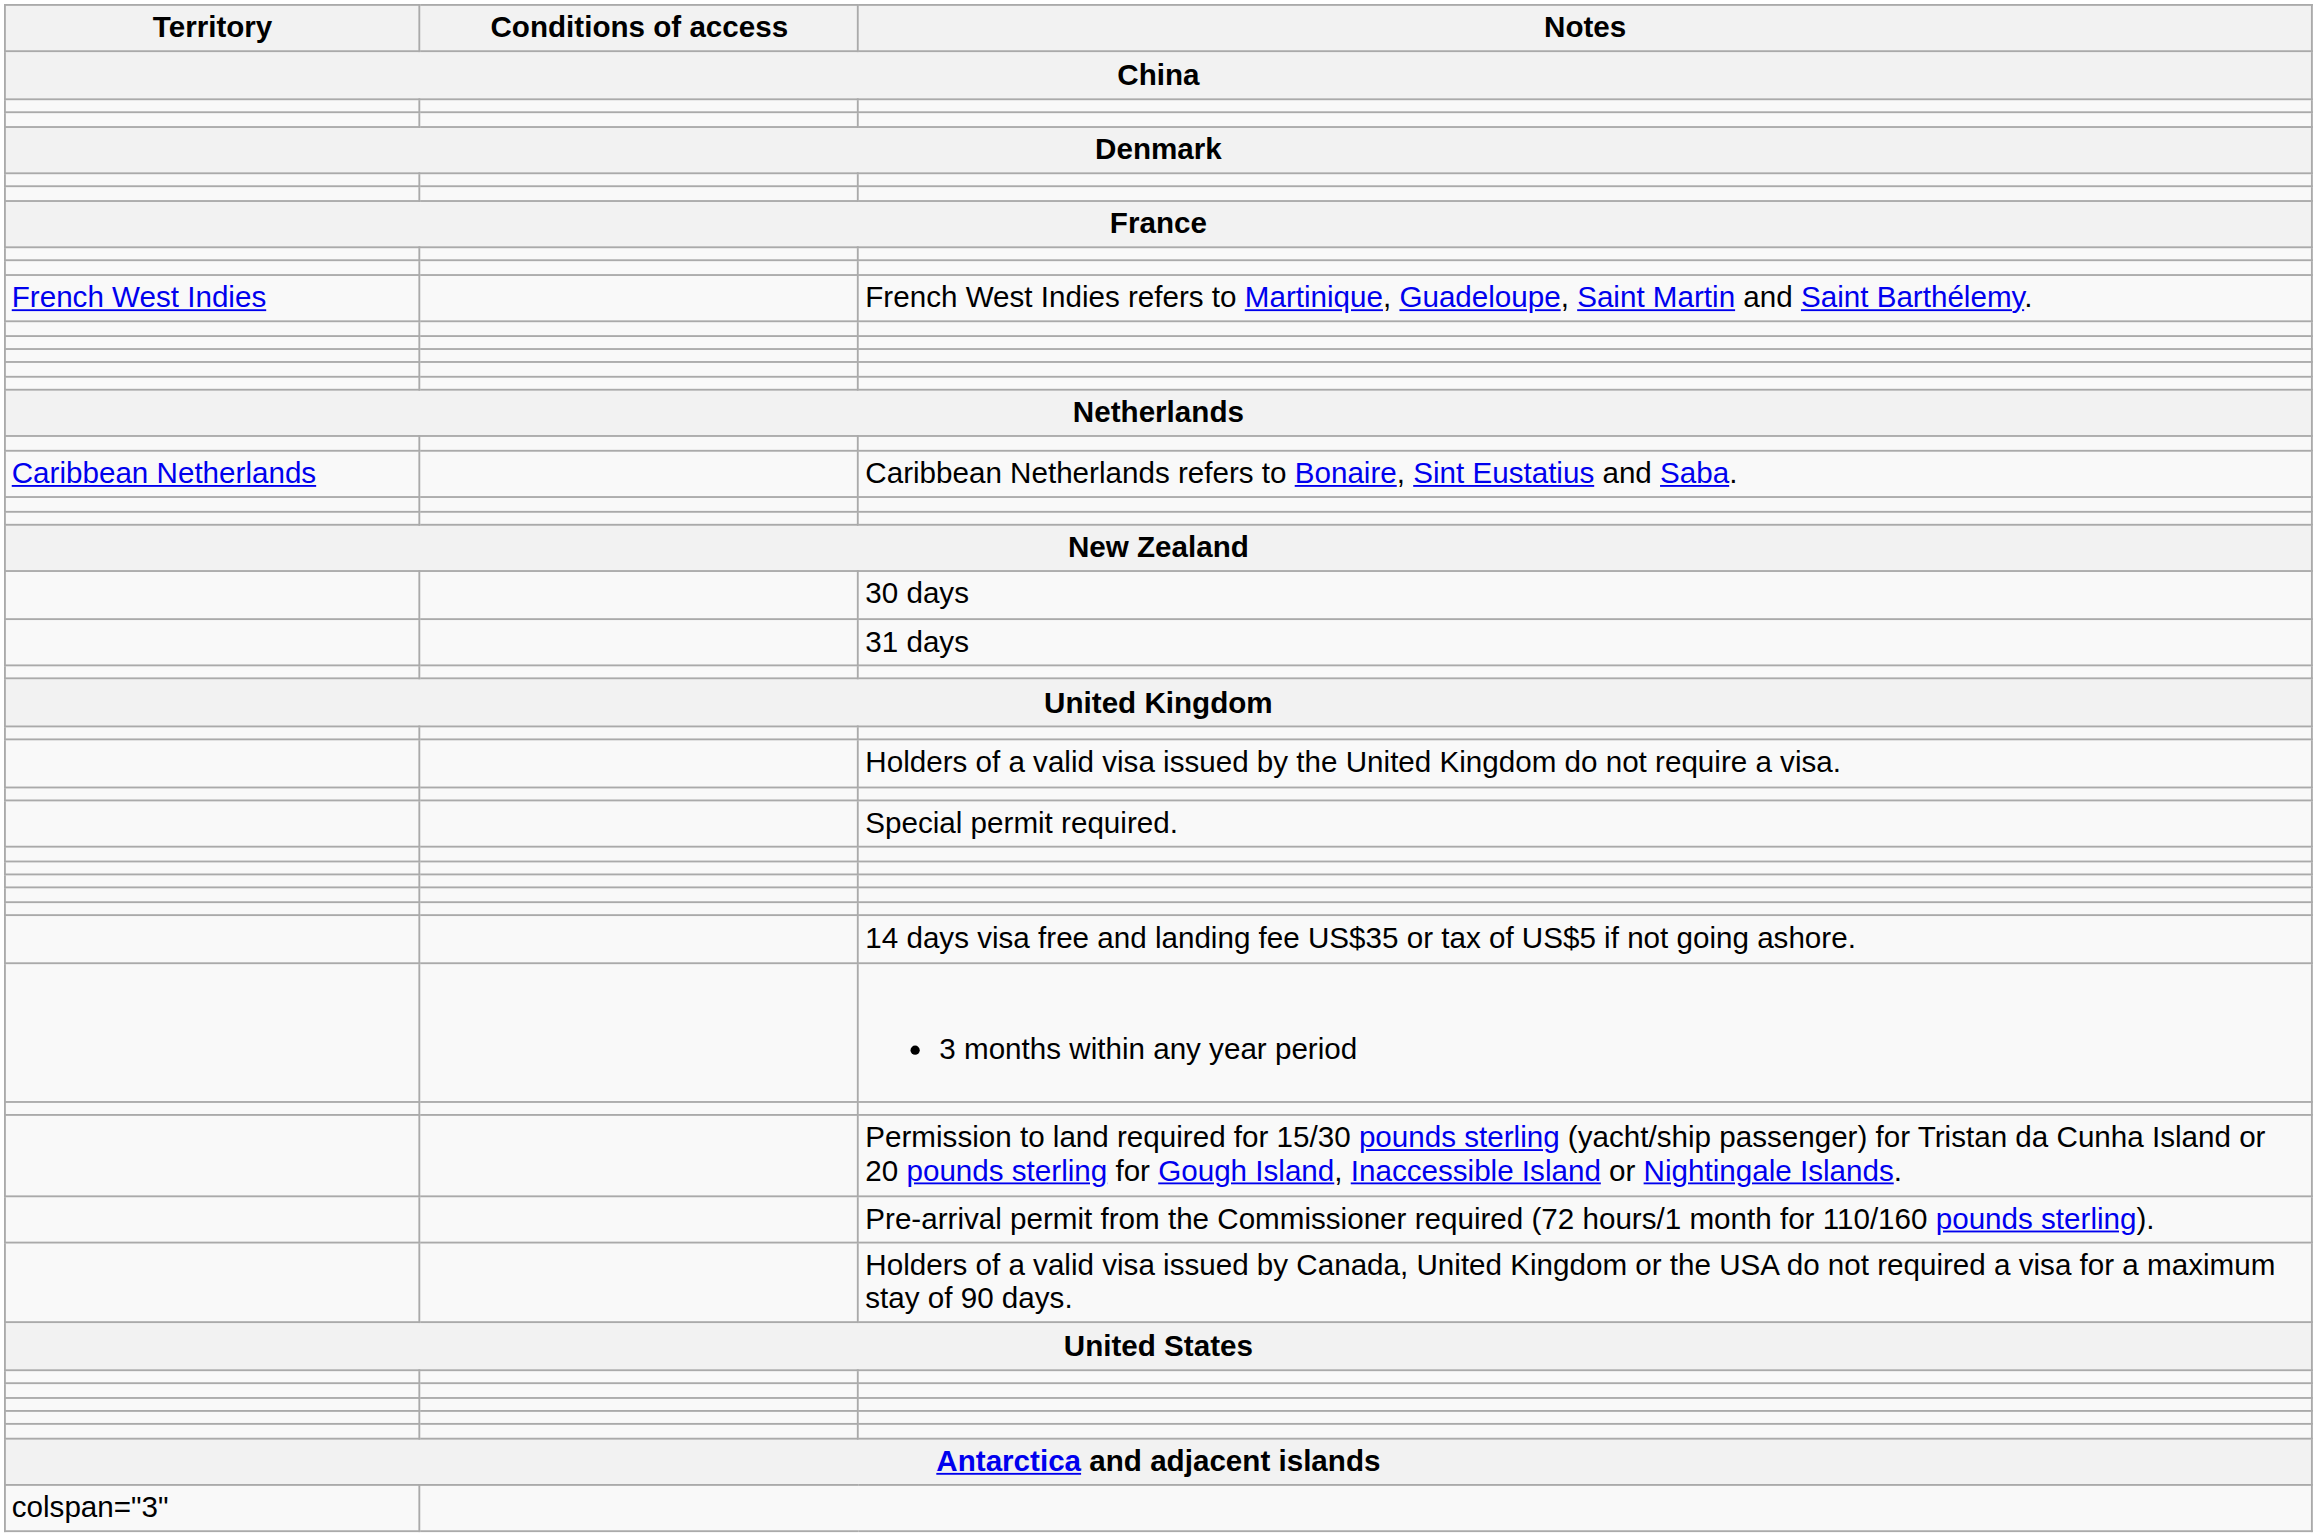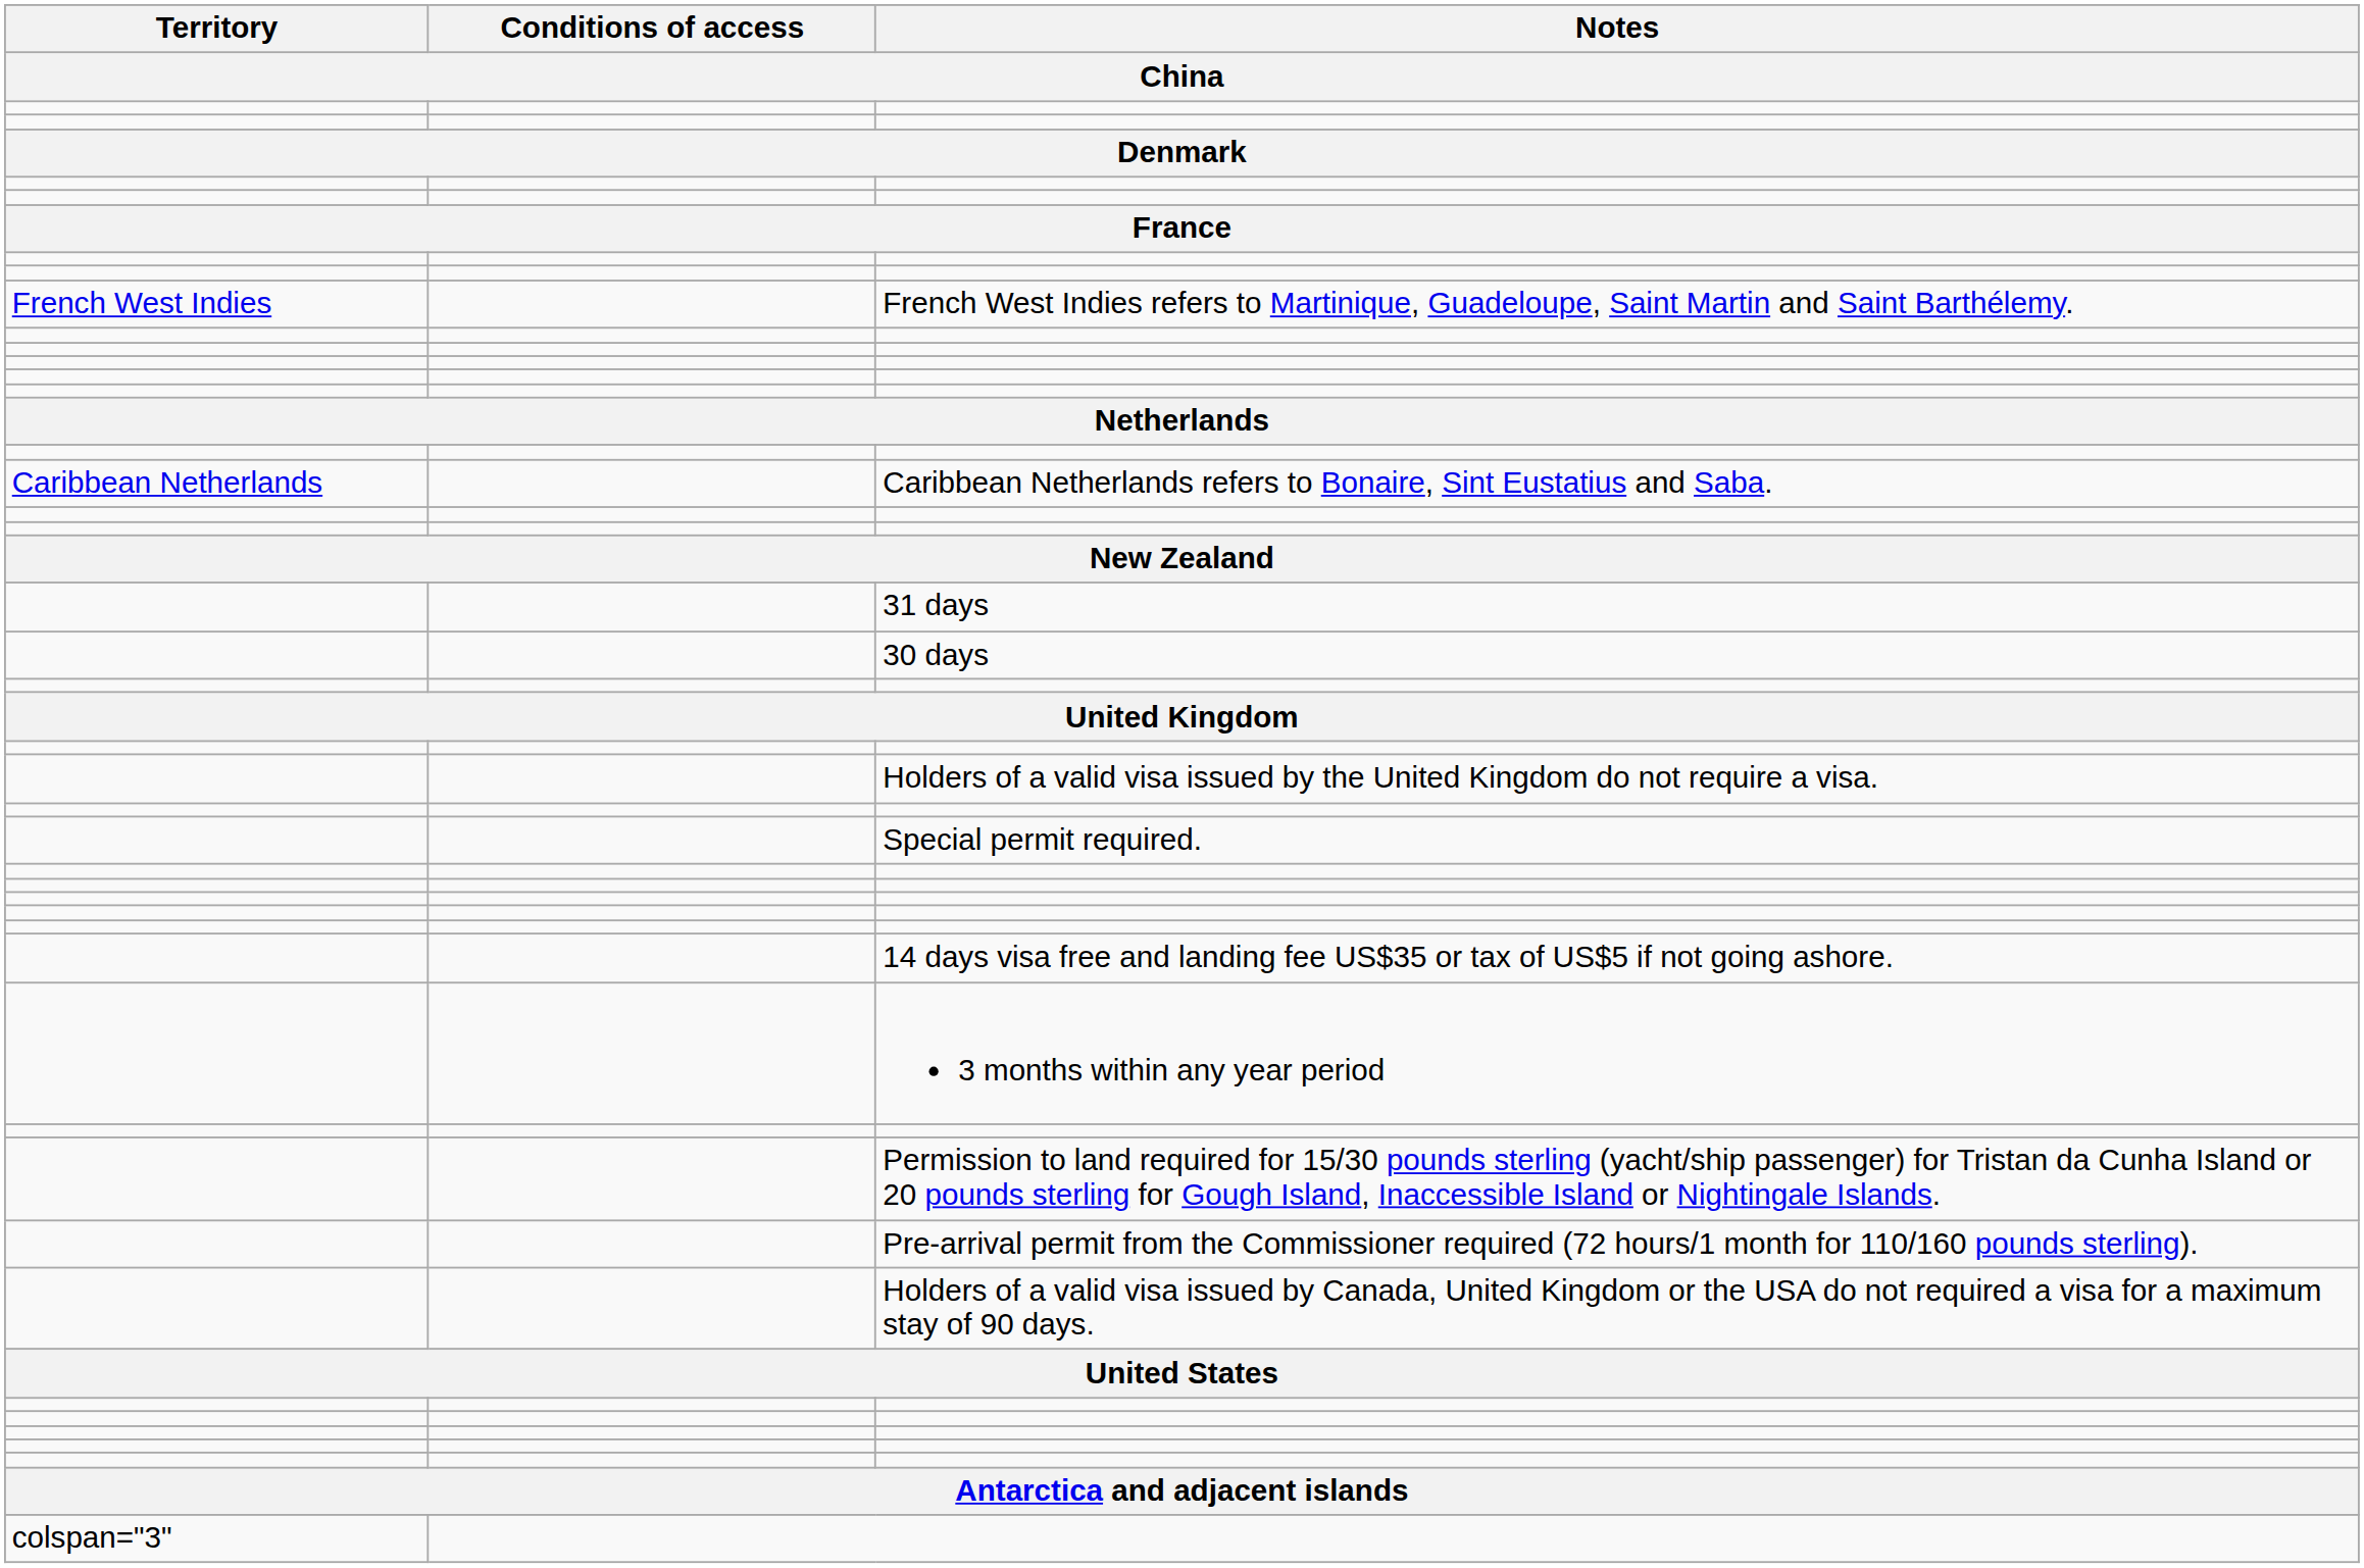 <table class="wikitable" style="text-align: left; table-layout: fixed;">
 <tr>
 <th style="width:18%;">Territory</th>
 <th style="width:19%;">Conditions of access</th>
 <th>Notes</th>
 </tr>
 <tr>
 <th colspan="3">China</th>
 </tr>
 <tr>
 <td></td>
 <td></td>
 <td></td>
 </tr>
 <tr>
 <td></td>
 <td></td>
 <td></td>
 </tr>
 <tr>
 <th colspan="3">Denmark</th>
 </tr>
 <tr>
 <td></td>
 <td></td>
 <td></td>
 </tr>
 <tr>
 <td></td>
 <td></td>
 <td></td>
 </tr>
 <tr>
 <th colspan="3">France</th>
 </tr>
 <tr>
 <td></td>
 <td></td>
 <td></td>
 </tr>
 <tr>
 <td></td>
 <td></td>
 <td></td>
 </tr>
 <tr>
 <td> <a href='#'>French West Indies</a></td>
 <td></td>
 <td>French West Indies refers to <a href='#'>Martinique</a>, <a href='#'>Guadeloupe</a>, <a href='#'>Saint Martin</a> and <a href='#'>Saint Barthélemy</a>.</td>
 </tr>
 <tr>
 <td></td>
 <td></td>
 <td></td>
 </tr>
 <tr>
 <td></td>
 <td></td>
 <td></td>
 </tr>
 <tr>
 <td></td>
 <td></td>
 <td></td>
 </tr>
 <tr>
 <td></td>
 <td></td>
 <td></td>
 </tr>
 <tr>
 <td></td>
 <td></td>
 <td></td>
 </tr>
 <tr>
 <th colspan="3">Netherlands</th>
 </tr>
 <tr>
 <td></td>
 <td></td>
 <td></td>
 </tr>
 <tr>
 <td> <a href='#'>Caribbean Netherlands</a></td>
 <td></td>
 <td>Caribbean Netherlands refers to <a href='#'>Bonaire</a>, <a href='#'>Sint Eustatius</a> and <a href='#'>Saba</a>.</td>
 </tr>
 <tr>
 <td></td>
 <td></td>
 <td></td>
 </tr>
 <tr>
 <td></td>
 <td></td>
 <td></td>
 </tr>
 <tr>
 <th colspan="3">New Zealand</th>
 </tr>
 <tr>
 <td></td>
 <td></td>
-<td>30 days</td>
+<td>31 days</td>
 </tr>
 <tr>
 <td></td>
 <td></td>
-<td>31 days</td>
+<td>30 days</td>
 </tr>
 <tr>
 <td></td>
 <td></td>
 <td></td>
 </tr>
 <tr>
 <th colspan="3">United Kingdom</th>
 </tr>
 <tr>
 <td></td>
 <td></td>
 <td></td>
 </tr>
 <tr>
 <td></td>
 <td></td>
 <td>Holders of a valid visa issued by the United Kingdom do not require a visa.</td>
 </tr>
 <tr>
 <td></td>
 <td></td>
 <td></td>
 </tr>
 <tr>
 <td></td>
 <td></td>
 <td>Special permit required.</td>
 </tr>
 <tr>
 <td></td>
 <td></td>
 <td></td>
 </tr>
 <tr>
 <td></td>
 <td></td>
 <td></td>
 </tr>
 <tr>
 <td></td>
 <td></td>
 <td></td>
 </tr>
 <tr>
 <td></td>
 <td></td>
 <td></td>
 </tr>
 <tr>
 <td></td>
 <td></td>
 <td></td>
 </tr>
 <tr>
 <td></td>
 <td></td>
 <td>14 days visa free and landing fee US$35 or tax of US$5 if not going ashore.</td>
 </tr>
 <tr>
 <td></td>
 <td></td>
 <td><br><ul><li>3 months within any year period</li></ul></td>
 </tr>
 <tr>
 <td></td>
 <td></td>
 <td></td>
 </tr>
 <tr>
 <td></td>
 <td></td>
 <td>Permission to land required for 15/30 <a href='#'>pounds sterling</a> (yacht/ship passenger) for Tristan da Cunha Island or 20 <a href='#'>pounds sterling</a> for <a href='#'>Gough Island</a>, <a href='#'>Inaccessible Island</a> or <a href='#'>Nightingale Islands</a>.</td>
 </tr>
 <tr>
 <td></td>
 <td></td>
 <td>Pre-arrival permit from the Commissioner required (72 hours/1 month for 110/160 <a href='#'>pounds sterling</a>).</td>
 </tr>
 <tr>
 <td></td>
 <td></td>
 <td>Holders of a valid visa issued by Canada, United Kingdom or the USA do not required a visa for a maximum stay of 90 days.</td>
 </tr>
 <tr>
 <th colspan="3">United States</th>
 </tr>
 <tr>
 <td></td>
 <td></td>
 <td></td>
 </tr>
 <tr>
 <td></td>
 <td></td>
 <td></td>
 </tr>
 <tr>
 <td></td>
 <td></td>
 <td></td>
 </tr>
 <tr>
 <td></td>
 <td></td>
 <td></td>
 </tr>
 <tr>
 <td></td>
 <td></td>
 <td></td>
 </tr>
 <tr>
 <th colspan="3"><a href='#'>Antarctica</a> and adjacent islands</th>
 </tr>
 <tr>
 <td>colspan="3" </td>
 </tr>
 </table>
